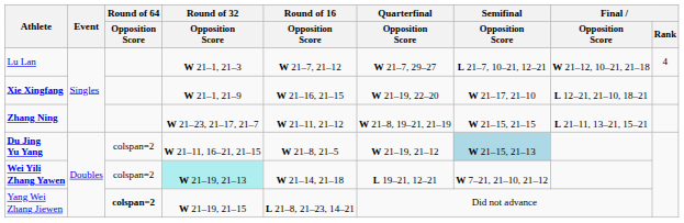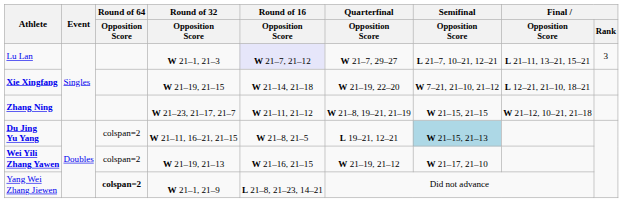 <table class=wikitable style="font-size:90%">
 <tr>
 <th rowspan="2">Athlete</th>
 <th rowspan="2">Event</th>
 <th>Round of 64</th>
 <th>Round of 32</th>
 <th>Round of 16</th>
 <th>Quarterfinal</th>
 <th>Semifinal</th>
 <th colspan=2>Final / </th>
 </tr>
 <tr style="font-size:95%">
 <th>Opposition<br>Score</th>
 <th>Opposition<br>Score</th>
 <th>Opposition<br>Score</th>
 <th>Opposition<br>Score</th>
 <th>Opposition<br>Score</th>
 <th>Opposition<br>Score</th>
 <th>Rank</th>
 </tr>
 <tr align=center>
 <td align=left><a href='#'>Lu Lan</a></td>
 <td align=left rowspan=3><a href='#'>Singles</a></td>
 <td></td>
 <td><br><strong>W</strong> 21–1, 21–3</td>
-<td><br><strong>W</strong> 21–7, 21–12</td>
+<td style="background: lavender;"><br><strong>W</strong> 21–7, 21–12</td>
 <td><br><strong>W</strong> 21–7, 29–27</td>
 <td><br><strong>L</strong> 21–7, 10–21, 12–21</td>
-<td><br><strong>W</strong> 21–12, 10–21, 21–18</td>
-<td>4</td>
+<td><br><strong>L</strong> 21–11, 13–21, 15–21</td>
+<td>3</td>
 </tr>
 <tr align=center>
 <td align=left><strong><a href='#'>Xie Xingfang</a></strong></td>
 <td></td>
-<td><br><strong>W</strong> 21–1, 21–9</td>
-<td><br><strong>W</strong> 21–16, 21–15</td>
+<td><br><strong>W</strong> 21–19, 21–15</td>
+<td><br><strong>W</strong> 21–14, 21–18</td>
 <td><br><strong>W</strong> 21–19, 22–20</td>
-<td><br><strong>W</strong> 21–17, 21–10</td>
+<td><br><strong>W</strong> 7–21, 21–10, 21–12</td>
 <td><br><strong>L</strong> 12–21, 21–10, 18–21</td>
 <td></td>
 </tr>
 <tr align=center>
 <td align=left><strong><a href='#'>Zhang Ning</a></strong></td>
 <td></td>
 <td><br><strong>W</strong> 21–23, 21–17, 21–7</td>
 <td><br><strong>W</strong> 21–11, 21–12</td>
 <td><br><strong>W</strong> 21–8, 19–21, 21–19</td>
 <td><br><strong>W</strong> 21–15, 21–15</td>
-<td><br><strong>L</strong> 21–11, 13–21, 15–21</td>
+<td><br><strong>W</strong> 21–12, 10–21, 21–18</td>
 <td></td>
 </tr>
 <tr align=center>
 <td align=left><strong><a href='#'>Du Jing</a><br><a href='#'>Yu Yang</a></strong></td>
 <td align=left rowspan=3><a href='#'>Doubles</a></td>
 <td>colspan=2 </td>
 <td><br><strong>W</strong> 21–11, 16–21, 21–15</td>
 <td><br><strong>W</strong> 21–8, 21–5</td>
-<td><br><strong>W</strong> 21–19, 21–12</td>
+<td><br><strong>L</strong> 19–21, 12–21</td>
 <td style="background: lightblue;"><br><strong>W</strong> 21–15, 21–13</td>
 <td></td>
 </tr>
 <tr align=center>
 <td align=left><strong><a href='#'>Wei Yili</a><br><a href='#'>Zhang Yawen</a></strong></td>
 <td>colspan=2 </td>
-<td style="background: paleturquoise;"><br><strong>W</strong> 21–19, 21–13</td>
-<td><br><strong>W</strong> 21–14, 21–18</td>
-<td><br><strong>L</strong> 19–21, 12–21</td>
-<td><br><strong>W</strong> 7–21, 21–10, 21–12</td>
+<td><br><strong>W</strong> 21–19, 21–13</td>
+<td><br><strong>W</strong> 21–16, 21–15</td>
+<td><br><strong>W</strong> 21–19, 21–12</td>
+<td><br><strong>W</strong> 21–17, 21–10</td>
 <td></td>
 </tr>
 <tr align=center>
 <td align=left><a href='#'>Yang Wei</a><br><a href='#'>Zhang Jiewen</a></td>
 <td><strong>colspan=2 </strong></td>
-<td><br><strong>W</strong> 21–19, 21–15</td>
+<td><br><strong>W</strong> 21–1, 21–9</td>
 <td><br><strong>L</strong> 21–8, 21–23, 14–21</td>
 <td colspan=3>Did not advance</td>
 </tr>
 </table>
